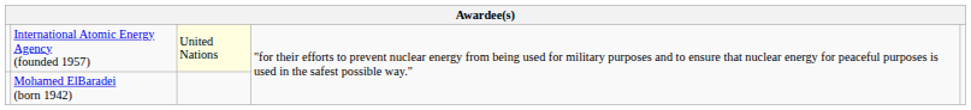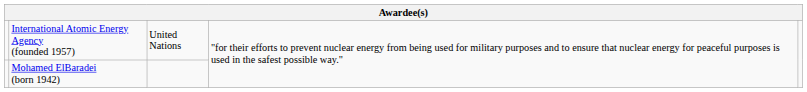 <table class="wikitable">
 <tr>
 <th colspan="5">Awardee(s)</th>
 </tr>
 <tr>
 <td></td>
 <td><a href='#'>International Atomic Energy Agency</a><br>(founded 1957)</td>
-<td style="background: lightyellow;">United Nations</td>
+<td>United Nations</td>
 <td rowspan="2">"for their efforts to prevent nuclear energy from being used for military purposes and to ensure that nuclear energy for peaceful purposes is used in the safest possible way."</td>
 <td rowspan="2"></td>
 </tr>
 <tr>
 <td></td>
 <td><a href='#'>Mohamed ElBaradei</a><br>(born 1942)</td>
 <td></td>
 </tr>
 </table>
